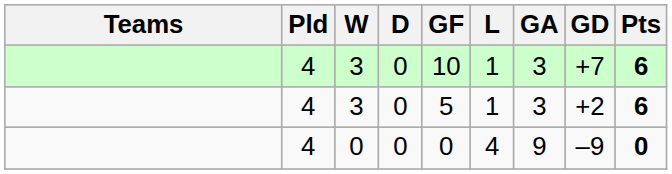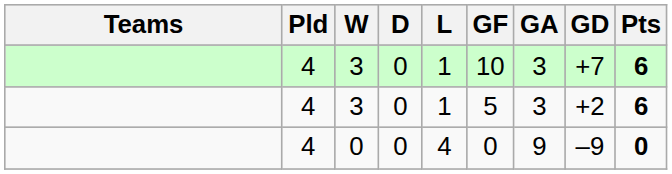 <table class="wikitable" style="text-align: center;">
 <tr>
 <th width=165>Teams</th>
 <th width=20>Pld</th>
 <th width=20>W</th>
 <th width=20>D</th>
+<th width=20>L</th>
 <th width=20>GF</th>
-<th width=20>L</th>
 <th width=20>GA</th>
 <th width=20>GD</th>
 <th width=20>Pts</th>
 </tr>
 <tr align=center style="background:#ccffcc;">
 <td style="text-align:left;"></td>
 <td>4</td>
 <td>3</td>
 <td>0</td>
+<td>1</td>
 <td>10</td>
-<td>1</td>
 <td>3</td>
 <td>+7</td>
 <td><strong>6</strong></td>
 </tr>
 <tr align=center>
 <td style="text-align:left;"></td>
 <td>4</td>
 <td>3</td>
 <td>0</td>
+<td>1</td>
 <td>5</td>
-<td>1</td>
 <td>3</td>
 <td>+2</td>
 <td><strong>6</strong></td>
 </tr>
 <tr align=center>
 <td style="text-align:left;"></td>
 <td>4</td>
 <td>0</td>
 <td>0</td>
+<td>4</td>
 <td>0</td>
-<td>4</td>
 <td>9</td>
 <td>–9</td>
 <td><strong>0</strong></td>
 </tr>
 </table>
